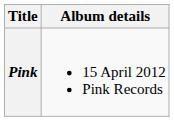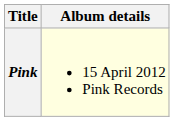 <table class="wikitable plainrowheaders">
 <tr>
 <th>Title</th>
 <th>Album details</th>
 </tr>
 <tr>
 <th scope="row"><em>Pink</em></th>
-<td><br><ul><li>15 April 2012</li><li>Pink Records</li></ul></td>
+<td style="background: lightyellow;"><br><ul><li>15 April 2012</li><li>Pink Records</li></ul></td>
 </tr>
 </table>
